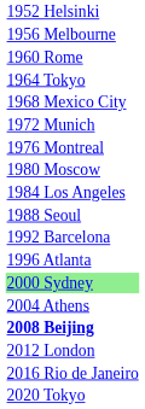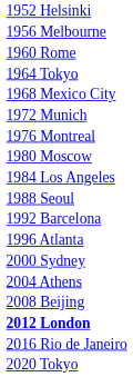 <table>
 <tr>
 <td><a href='#'>1952 Helsinki</a><br></td>
 <td></td>
 <td></td>
 <td></td>
 </tr>
 <tr>
 <td><a href='#'>1956 Melbourne</a><br></td>
 <td></td>
 <td></td>
 <td></td>
 </tr>
 <tr>
 <td><a href='#'>1960 Rome</a><br></td>
 <td></td>
 <td></td>
 <td></td>
 </tr>
 <tr>
 <td><a href='#'>1964 Tokyo</a><br></td>
 <td></td>
 <td></td>
 <td></td>
 </tr>
 <tr>
 <td><a href='#'>1968 Mexico City</a><br></td>
 <td></td>
 <td></td>
 <td></td>
 </tr>
 <tr>
 <td><a href='#'>1972 Munich</a><br></td>
 <td></td>
 <td></td>
 <td></td>
 </tr>
 <tr>
 <td><a href='#'>1976 Montreal</a><br></td>
 <td></td>
 <td></td>
 <td></td>
 </tr>
 <tr>
 <td><a href='#'>1980 Moscow</a><br></td>
 <td></td>
 <td></td>
 <td></td>
 </tr>
 <tr>
 <td><a href='#'>1984 Los Angeles</a><br></td>
 <td></td>
 <td></td>
 <td></td>
 </tr>
 <tr>
 <td><a href='#'>1988 Seoul</a><br></td>
 <td></td>
 <td></td>
 <td></td>
 </tr>
 <tr>
 <td><a href='#'>1992 Barcelona</a><br></td>
 <td></td>
 <td></td>
 <td></td>
 </tr>
 <tr>
 <td><a href='#'>1996 Atlanta</a><br></td>
 <td></td>
 <td></td>
 <td></td>
 </tr>
 <tr>
-<td style="background: lightgreen;"><a href='#'>2000 Sydney</a><br></td>
+<td><a href='#'>2000 Sydney</a><br></td>
 <td></td>
 <td></td>
 <td></td>
 </tr>
 <tr>
 <td><a href='#'>2004 Athens</a><br></td>
 <td></td>
 <td></td>
 <td></td>
 </tr>
 <tr>
-<td><strong><a href='#'>2008 Beijing</a><br></strong></td>
+<td><a href='#'>2008 Beijing</a><br></td>
 <td></td>
 <td></td>
 <td></td>
 </tr>
 <tr>
-<td><a href='#'>2012 London</a><br></td>
+<td><strong><a href='#'>2012 London</a><br></strong></td>
 <td></td>
 <td></td>
 <td></td>
 </tr>
 <tr>
 <td><a href='#'>2016 Rio de Janeiro</a><br></td>
 <td></td>
 <td></td>
 <td></td>
 </tr>
 <tr>
 <td><a href='#'>2020 Tokyo</a><br></td>
 <td></td>
 <td></td>
 <td></td>
 </tr>
 <tr>
 </tr>
 </table>
